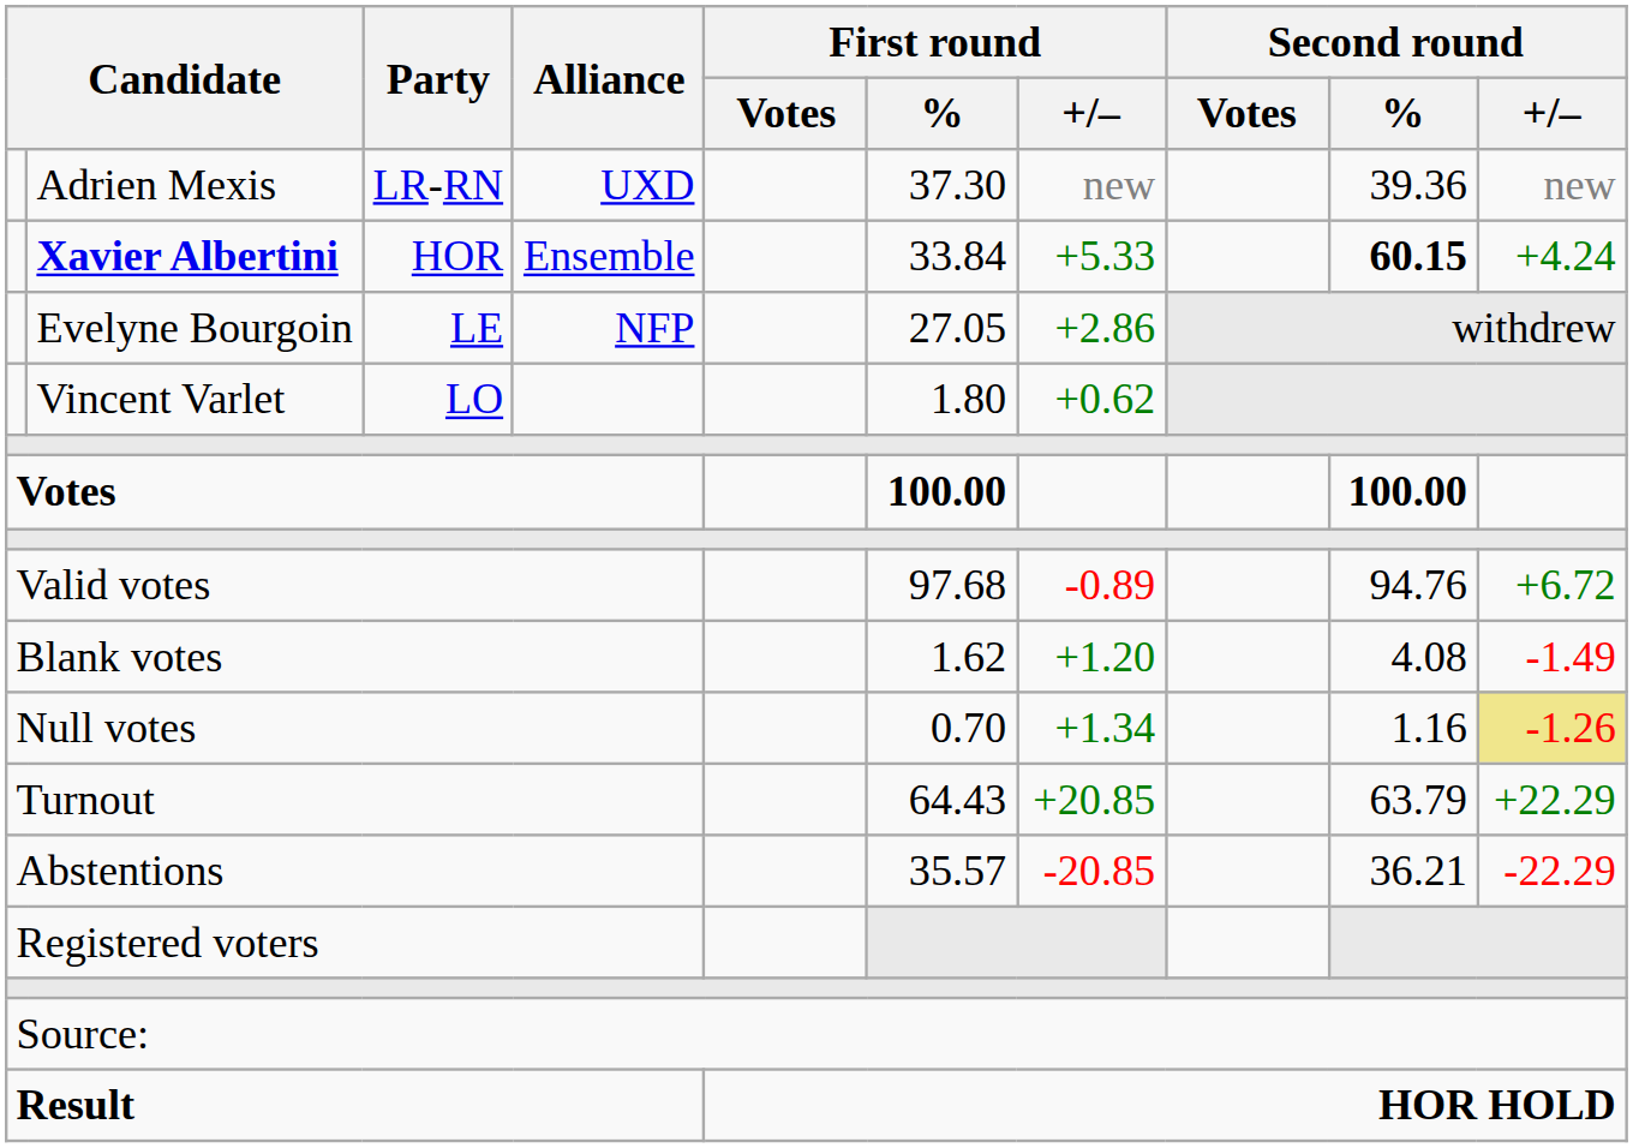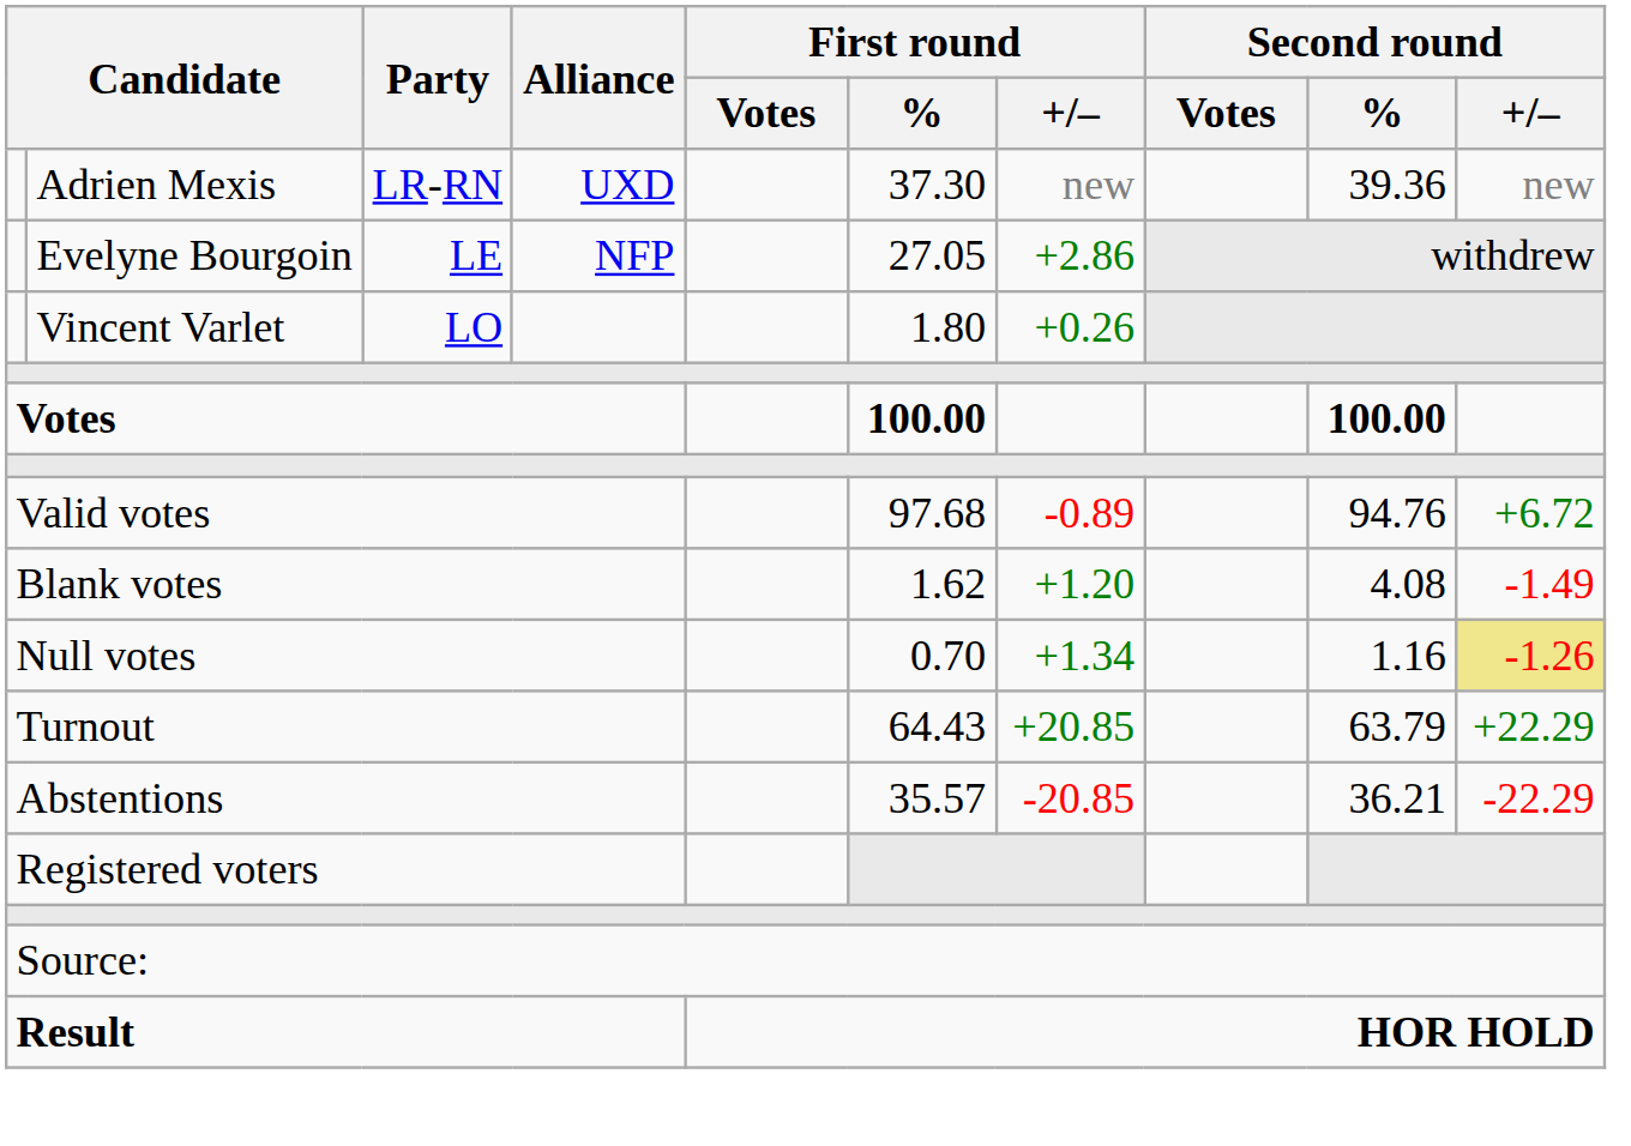 <table class="wikitable" style="text-align:right;font-size:95%;">
 <tr>
 <th rowspan="2" colspan="2">Candidate</th>
 <th colspan="1" rowspan="2">Party</th>
 <th colspan="1" rowspan="2">Alliance</th>
 <th colspan="3">First round</th>
 <th colspan="3">Second round</th>
 </tr>
 <tr>
 <th style="width:50px;">Votes</th>
 <th style="width:45px;">%</th>
 <th style="width:45px;">+/–</th>
 <th style="width:50px;">Votes</th>
 <th style="width:45px;">%</th>
 <th style="width:45px;">+/–</th>
 </tr>
 <tr>
 <td style="background:"></td>
 <td style="text-align:left;">Adrien Mexis</td>
 <td><a href='#'>LR</a>-<a href='#'>RN</a></td>
 <td><a href='#'>UXD</a></td>
 <td></td>
 <td>37.30</td>
 <td style="color:grey;">new</td>
 <td></td>
 <td>39.36</td>
 <td style="color:grey;">new</td>
 </tr>
 <tr>
 <td style="background:"></td>
-<td style="text-align:left;"><strong><a href='#'>Xavier Albertini</a></strong></td>
-<td><a href='#'>HOR</a></td>
-<td><a href='#'>Ensemble</a></td>
-<td></td>
-<td>33.84</td>
-<td style="color:green;">+5.33</td>
-<td><strong></strong></td>
-<td><strong>60.15</strong></td>
-<td style="color:green;">+4.24</td>
-</tr>
-<tr>
-<td style="background:"></td>
 <td style="text-align:left;">Evelyne Bourgoin</td>
 <td><a href='#'>LE</a></td>
 <td><a href='#'>NFP</a></td>
 <td></td>
 <td>27.05</td>
 <td style="color:green;">+2.86</td>
 <td colspan="3" style="background:#E9E9E9;">withdrew</td>
 </tr>
 <tr>
 <td style="background:"></td>
 <td style="text-align:left;">Vincent Varlet</td>
 <td><a href='#'>LO</a></td>
 <td></td>
 <td></td>
 <td>1.80</td>
-<td style="color:green;">+0.62</td>
+<td style="color:green;">+0.26</td>
 <td colspan="3" style="background:#E9E9E9;"></td>
 </tr>
 <tr>
 <td colspan="10" style="background:#E9E9E9;"></td>
 </tr>
 <tr style="font-weight:bold;">
 <td colspan="4" style="text-align:left;">Votes</td>
 <td></td>
 <td>100.00</td>
 <td></td>
 <td></td>
 <td>100.00</td>
 <td></td>
 </tr>
 <tr>
 <td colspan="10" style="background:#E9E9E9;"></td>
 </tr>
 <tr>
 <td colspan="4" style="text-align:left;">Valid votes</td>
 <td></td>
 <td>97.68</td>
 <td style="color:red;">-0.89</td>
 <td></td>
 <td>94.76</td>
 <td style="color:green;">+6.72</td>
 </tr>
 <tr>
 <td colspan="4" style="text-align:left;">Blank votes</td>
 <td></td>
 <td>1.62</td>
 <td style="color:green;">+1.20</td>
 <td></td>
 <td>4.08</td>
 <td style="color:red;">-1.49</td>
 </tr>
 <tr>
 <td colspan="4" style="text-align:left;">Null votes</td>
 <td></td>
 <td>0.70</td>
 <td style="color:green;">+1.34</td>
 <td></td>
 <td>1.16</td>
 <td style="background: khaki; color:red;">-1.26</td>
 </tr>
 <tr>
 <td colspan="4" style="text-align:left;">Turnout</td>
 <td></td>
 <td>64.43</td>
 <td style="color:green;">+20.85</td>
 <td></td>
 <td>63.79</td>
 <td style="color:green;">+22.29</td>
 </tr>
 <tr>
 <td colspan="4" style="text-align:left;">Abstentions</td>
 <td></td>
 <td>35.57</td>
 <td style="color:red;">-20.85</td>
 <td></td>
 <td>36.21</td>
 <td style="color:red;">-22.29</td>
 </tr>
 <tr>
 <td colspan="4" style="text-align:left;">Registered voters</td>
 <td></td>
 <td colspan="2" style="background:#E9E9E9;"></td>
 <td></td>
 <td colspan="2" style="background:#E9E9E9;"></td>
 </tr>
 <tr>
 <td colspan="10" style="background:#E9E9E9;"></td>
 </tr>
 <tr>
 <td colspan="10" style="text-align:left;">Source: </td>
 </tr>
 <tr style="font-weight:bold">
 <td colspan="4" style="text-align:left;">Result</td>
 <td colspan="6" style="background-color:">HOR HOLD</td>
 </tr>
 </table>
